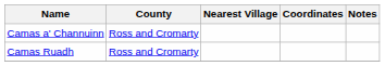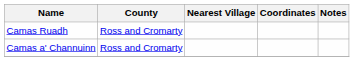 <table class="wikitable sortable" style="table-layout:fixed;background-color:#FEFEFE;font-size:95%;padding:0.30em;line-height:1.35em;">
 <tr>
 <th scope="col">Name</th>
 <th scope="col">County</th>
 <th scope="col">Nearest Village</th>
 <th scope="col" data-sort-type="number">Coordinates</th>
 <th scope="col">Notes</th>
 </tr>
 <tr>
-<td><a href='#'>Camas a' Channuinn</a></td>
+<td><a href='#'>Camas Ruadh</a></td>
 <td><a href='#'>Ross and Cromarty</a></td>
 <td></td>
 <td></td>
 <td></td>
 </tr>
 <tr>
-<td><a href='#'>Camas Ruadh</a></td>
+<td><a href='#'>Camas a' Channuinn</a></td>
 <td><a href='#'>Ross and Cromarty</a></td>
 <td></td>
 <td></td>
 <td></td>
 </tr>
 <tr>
 </tr>
 </table>
